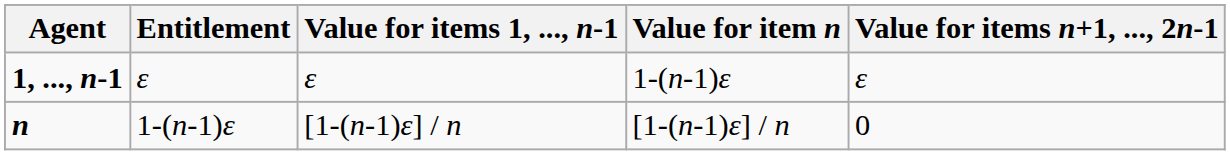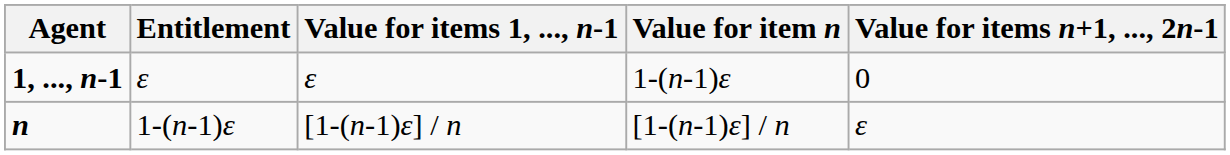 <table class="wikitable">
 <tr>
 <th>Agent</th>
 <th>Entitlement</th>
 <th>Value for items 1, ..., <em>n</em>-1</th>
 <th>Value for item <em>n</em></th>
 <th>Value for items <em>n</em>+1, ..., 2<em>n</em>-1</th>
 </tr>
 <tr>
 <td><strong>1, ..., <em>n</em>-1</strong></td>
 <td><em>ε</em></td>
 <td><em>ε</em></td>
 <td>1-(<em>n</em>-1)<em>ε</em></td>
-<td><em>ε</em></td>
+<td>0</td>
 </tr>
 <tr>
 <td><strong><em>n</em></strong></td>
 <td>1-(<em>n</em>-1)<em>ε</em></td>
 <td>[1-(<em>n</em>-1)<em>ε</em>] / <em>n</em></td>
 <td>[1-(<em>n</em>-1)<em>ε</em>] / <em>n</em></td>
-<td>0</td>
+<td><em>ε</em></td>
 </tr>
 </table>
